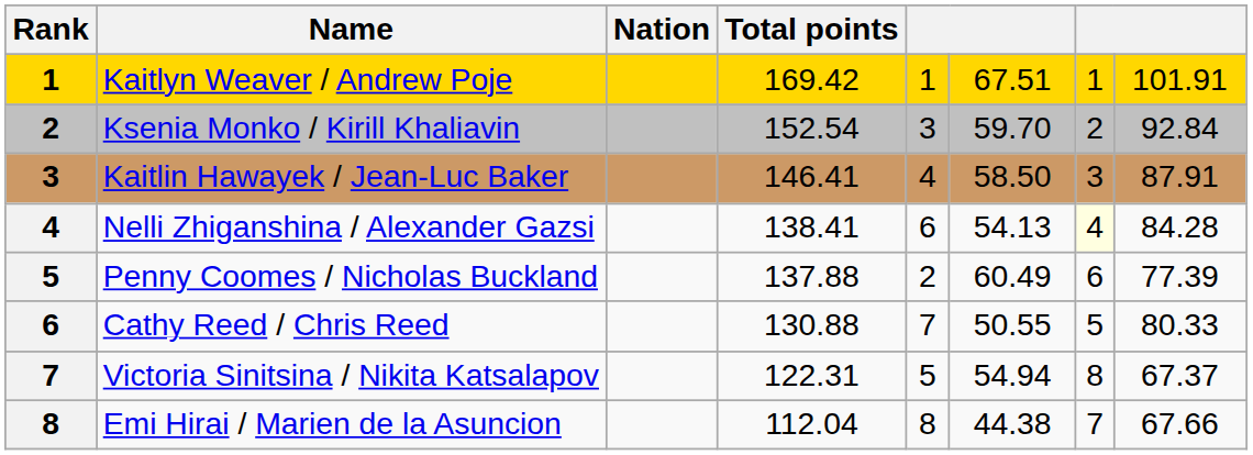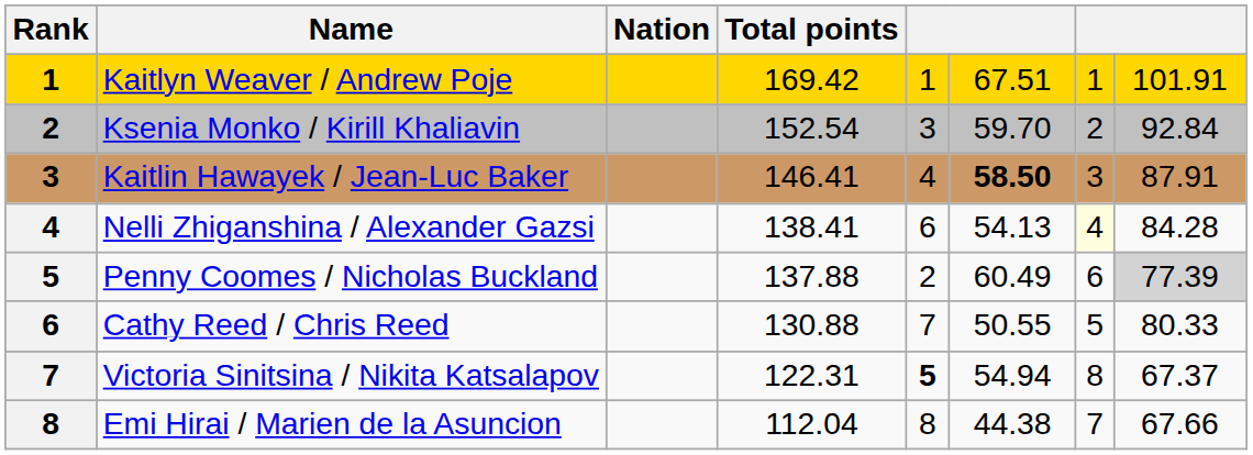 <table class="wikitable sortable">
 <tr>
 <th>Rank</th>
 <th>Name</th>
 <th>Nation</th>
 <th>Total points</th>
 <th colspan="2" width="80px"></th>
 <th colspan="2" width="80px"></th>
 </tr>
 <tr bgcolor="gold">
 <td align="center"><strong>1</strong></td>
 <td><a href='#'>Kaitlyn Weaver</a> / <a href='#'>Andrew Poje</a></td>
 <td></td>
 <td align="center">169.42</td>
 <td align="center">1</td>
 <td align="center">67.51</td>
 <td align="center">1</td>
 <td align="center">101.91</td>
 </tr>
 <tr bgcolor="silver">
 <td align="center"><strong>2</strong></td>
 <td><a href='#'>Ksenia Monko</a> / <a href='#'>Kirill Khaliavin</a></td>
 <td></td>
 <td align="center">152.54</td>
 <td align="center">3</td>
 <td align="center">59.70</td>
 <td align="center">2</td>
 <td align="center">92.84</td>
 </tr>
 <tr bgcolor="cc9966">
 <td align="center"><strong>3</strong></td>
 <td><a href='#'>Kaitlin Hawayek</a> / <a href='#'>Jean-Luc Baker</a></td>
 <td></td>
 <td align="center">146.41</td>
 <td align="center">4</td>
-<td align="center">58.50</td>
+<td align="center"><strong>58.50</strong></td>
 <td align="center">3</td>
 <td align="center">87.91</td>
 </tr>
 <tr>
 <th>4</th>
 <td><a href='#'>Nelli Zhiganshina</a> / <a href='#'>Alexander Gazsi</a></td>
 <td></td>
 <td align="center">138.41</td>
 <td align="center">6</td>
 <td align="center">54.13</td>
 <td align="center" style="background: lightyellow;">4</td>
 <td align="center">84.28</td>
 </tr>
 <tr>
 <th>5</th>
 <td><a href='#'>Penny Coomes</a> / <a href='#'>Nicholas Buckland</a></td>
 <td></td>
 <td align="center">137.88</td>
 <td align="center">2</td>
 <td align="center">60.49</td>
 <td align="center">6</td>
-<td align="center">77.39</td>
+<td align="center" style="background: lightgrey;">77.39</td>
 </tr>
 <tr>
 <th>6</th>
 <td><a href='#'>Cathy Reed</a> / <a href='#'>Chris Reed</a></td>
 <td></td>
 <td align="center">130.88</td>
 <td align="center">7</td>
 <td align="center">50.55</td>
 <td align="center">5</td>
 <td align="center">80.33</td>
 </tr>
 <tr>
 <th>7</th>
 <td><a href='#'>Victoria Sinitsina</a> / <a href='#'>Nikita Katsalapov</a></td>
 <td></td>
 <td align="center">122.31</td>
-<td align="center">5</td>
+<td align="center"><strong>5</strong></td>
 <td align="center">54.94</td>
 <td align="center">8</td>
 <td align="center">67.37</td>
 </tr>
 <tr>
 <th>8</th>
 <td><a href='#'>Emi Hirai</a> / <a href='#'>Marien de la Asuncion</a></td>
 <td></td>
 <td align="center">112.04</td>
 <td align="center">8</td>
 <td align="center">44.38</td>
 <td align="center">7</td>
 <td align="center">67.66</td>
 </tr>
 </table>
